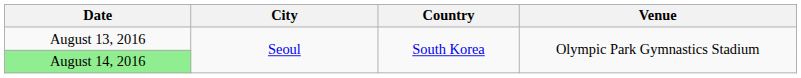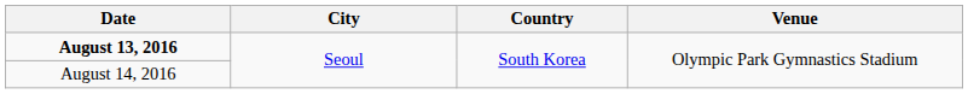 <table class="wikitable" style="text-align:center;">
 <tr>
 <th width=200>Date</th>
 <th width=200>City</th>
 <th width=150>Country</th>
 <th width=300>Venue</th>
 </tr>
 <tr>
-<td>August 13, 2016</td>
+<td><strong>August 13, 2016</strong></td>
 <td rowspan=2><a href='#'>Seoul</a></td>
 <td rowspan=2><a href='#'>South Korea</a></td>
 <td rowspan=2>Olympic Park Gymnastics Stadium</td>
 </tr>
 <tr>
-<td style="background: lightgreen;">August 14, 2016</td>
+<td>August 14, 2016</td>
 </tr>
 </table>
